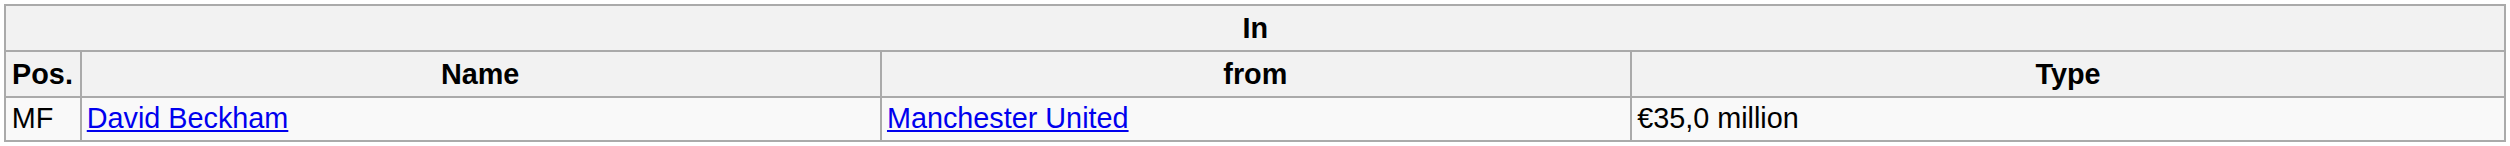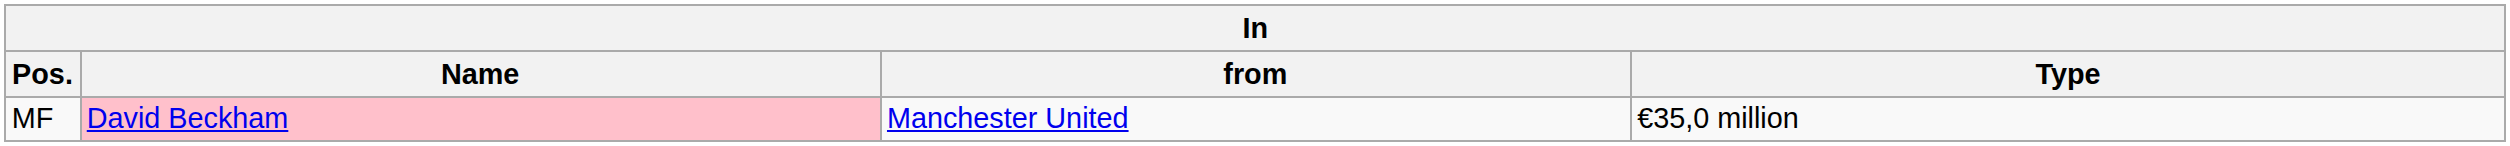 <table class="wikitable" style="font-size:90%;width:99%;">
 <tr>
 <th colspan="4">In</th>
 </tr>
 <tr>
 <th width=3%>Pos.</th>
 <th width=32%>Name</th>
 <th width=30%>from</th>
 <th width=35%>Type</th>
 </tr>
 <tr>
 <td>MF</td>
-<td><a href='#'>David Beckham</a></td>
+<td style="background: pink;"><a href='#'>David Beckham</a></td>
 <td><a href='#'>Manchester United</a></td>
 <td>€35,0 million </td>
 </tr>
 <tr>
 </tr>
 </table>
